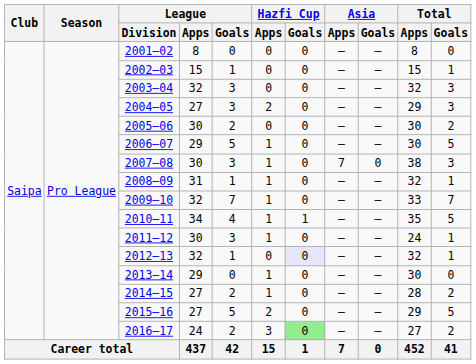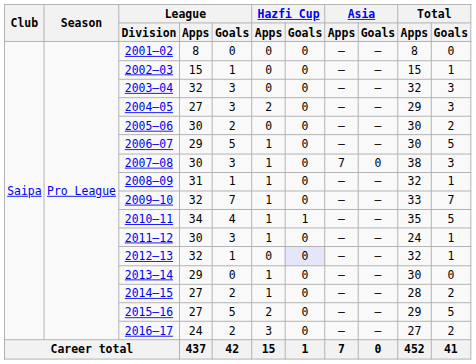 <table class="wikitable" style="text-align:center">
 <tr>
 <th rowspan="2">Club</th>
 <th rowspan="2">Season</th>
 <th colspan="3">League</th>
 <th colspan="2"><a href='#'>Hazfi Cup</a></th>
 <th colspan="2"><a href='#'>Asia</a></th>
 <th colspan="2">Total</th>
 </tr>
 <tr>
 <th>Division</th>
 <th>Apps</th>
 <th>Goals</th>
 <th>Apps</th>
 <th>Goals</th>
 <th>Apps</th>
 <th>Goals</th>
 <th>Apps</th>
 <th>Goals</th>
 </tr>
 <tr>
 <td rowspan="16"><a href='#'>Saipa</a></td>
 <td rowspan="16"><a href='#'>Pro League</a></td>
 <td><a href='#'>2001–02</a></td>
 <td>8</td>
 <td>0</td>
 <td>0</td>
 <td>0</td>
 <td>–</td>
 <td>–</td>
 <td>8</td>
 <td>0</td>
 </tr>
 <tr>
 <td><a href='#'>2002–03</a></td>
 <td>15</td>
 <td>1</td>
 <td>0</td>
 <td>0</td>
 <td>–</td>
 <td>–</td>
 <td>15</td>
 <td>1</td>
 </tr>
 <tr>
 <td><a href='#'>2003–04</a></td>
 <td>32</td>
 <td>3</td>
 <td>0</td>
 <td>0</td>
 <td>–</td>
 <td>–</td>
 <td>32</td>
 <td>3</td>
 </tr>
 <tr>
 <td><a href='#'>2004–05</a></td>
 <td>27</td>
 <td>3</td>
 <td>2</td>
 <td>0</td>
 <td>–</td>
 <td>–</td>
 <td>29</td>
 <td>3</td>
 </tr>
 <tr>
 <td><a href='#'>2005–06</a></td>
 <td>30</td>
 <td>2</td>
 <td>0</td>
 <td>0</td>
 <td>–</td>
 <td>–</td>
 <td>30</td>
 <td>2</td>
 </tr>
 <tr>
 <td><a href='#'>2006–07</a></td>
 <td>29</td>
 <td>5</td>
 <td>1</td>
 <td>0</td>
 <td>–</td>
 <td>–</td>
 <td>30</td>
 <td>5</td>
 </tr>
 <tr>
 <td><a href='#'>2007–08</a></td>
 <td>30</td>
 <td>3</td>
 <td>1</td>
 <td>0</td>
 <td>7</td>
 <td>0</td>
 <td>38</td>
 <td>3</td>
 </tr>
 <tr>
 <td><a href='#'>2008–09</a></td>
 <td>31</td>
 <td>1</td>
 <td>1</td>
 <td>0</td>
 <td>–</td>
 <td>–</td>
 <td>32</td>
 <td>1</td>
 </tr>
 <tr>
 <td><a href='#'>2009–10</a></td>
 <td>32</td>
 <td>7</td>
 <td>1</td>
 <td>0</td>
 <td>–</td>
 <td>–</td>
 <td>33</td>
 <td>7</td>
 </tr>
 <tr>
 <td><a href='#'>2010–11</a></td>
 <td>34</td>
 <td>4</td>
 <td>1</td>
 <td>1</td>
 <td>–</td>
 <td>–</td>
 <td>35</td>
 <td>5</td>
 </tr>
 <tr>
 <td><a href='#'>2011–12</a></td>
 <td>30</td>
 <td>3</td>
 <td>1</td>
 <td>0</td>
 <td>–</td>
 <td>–</td>
 <td>24</td>
 <td>1</td>
 </tr>
 <tr>
 <td><a href='#'>2012–13</a></td>
 <td>32</td>
 <td>1</td>
 <td>0</td>
 <td style="background: lavender;">0</td>
 <td>–</td>
 <td>–</td>
 <td>32</td>
 <td>1</td>
 </tr>
 <tr>
 <td><a href='#'>2013–14</a></td>
 <td>29</td>
 <td>0</td>
 <td>1</td>
 <td>0</td>
 <td>–</td>
 <td>–</td>
 <td>30</td>
 <td>0</td>
 </tr>
 <tr>
 <td><a href='#'>2014–15</a></td>
 <td>27</td>
 <td>2</td>
 <td>1</td>
 <td>0</td>
 <td>–</td>
 <td>–</td>
 <td>28</td>
 <td>2</td>
 </tr>
 <tr>
 <td><a href='#'>2015–16</a></td>
 <td>27</td>
 <td>5</td>
 <td>2</td>
 <td>0</td>
 <td>–</td>
 <td>–</td>
 <td>29</td>
 <td>5</td>
 </tr>
 <tr>
 <td><a href='#'>2016–17</a></td>
 <td>24</td>
 <td>2</td>
 <td>3</td>
-<td style="background: lightgreen;">0</td>
+<td>0</td>
 <td>–</td>
 <td>–</td>
 <td>27</td>
 <td>2</td>
 </tr>
 <tr>
 <th colspan="3">Career total</th>
 <th>437</th>
 <th>42</th>
 <th>15</th>
 <th>1</th>
 <th>7</th>
 <th>0</th>
 <th>452</th>
 <th>41</th>
 </tr>
 </table>
